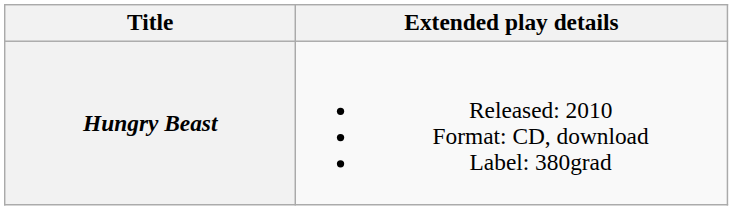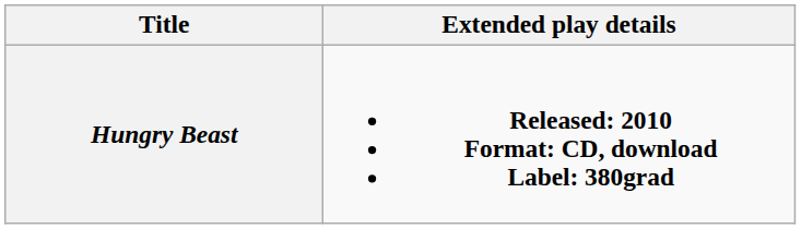 <table class="wikitable plainrowheaders" style="text-align:center;" border="1">
 <tr>
 <th scope="col" style="width:12em;">Title</th>
 <th scope="col" style="width:18em;">Extended play details</th>
 </tr>
 <tr>
 <th scope="row"><em>Hungry Beast</em></th>
-<td><br><ul><li>Released: 2010</li><li>Format: CD, download</li><li>Label: 380grad</li></ul></td>
+<td><strong><br><ul><li>Released: 2010</li><li>Format: CD, download</li><li>Label: 380grad</li></ul></strong></td>
 </tr>
 </table>
